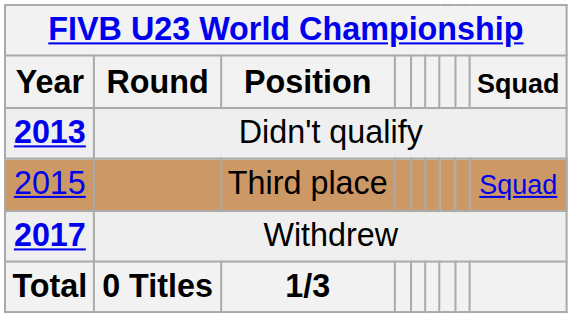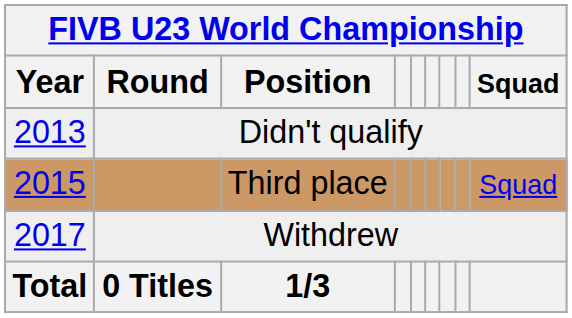 <table class="wikitable" style="text-align: center;">
 <tr>
 <th colspan=9><a href='#'>FIVB U23 World Championship</a></th>
 </tr>
 <tr>
 <th>Year</th>
 <th>Round</th>
 <th>Position</th>
 <th></th>
 <th></th>
 <th></th>
 <th></th>
 <th></th>
 <th><small>Squad</small></th>
 </tr>
 <tr bgcolor="efefef">
-<td><strong> <a href='#'>2013</a></strong></td>
+<td> <a href='#'>2013</a></td>
 <td colspan=9>Didn't qualify</td>
 </tr>
 <tr bgcolor=cc9966>
 <td> <a href='#'>2015</a></td>
 <td></td>
 <td>Third place</td>
 <td></td>
 <td></td>
 <td></td>
 <td></td>
 <td></td>
 <td><small><a href='#'>Squad</a></small></td>
 </tr>
 <tr bgcolor="efefef">
-<td><strong> <a href='#'>2017</a></strong></td>
+<td> <a href='#'>2017</a></td>
 <td colspan=9>Withdrew</td>
 </tr>
 <tr>
 <th>Total</th>
 <th>0 Titles</th>
 <th>1/3</th>
 <th></th>
 <th></th>
 <th></th>
 <th></th>
 <th></th>
 <th></th>
 </tr>
 </table>
